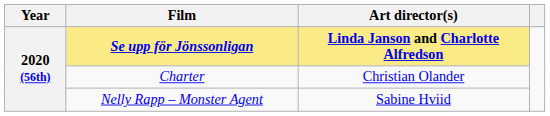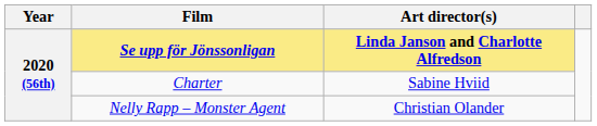 <table class="wikitable" style="text-align:center;">
 <tr>
 <th scope="col" style="width:8%;">Year</th>
 <th scope="col" style="width:30%;">Film</th>
 <th scope="col" style="width:30%;">Art director(s)</th>
 <th scope="col" style="width:2%;" class="unsortable"></th>
 </tr>
 <tr>
 <th scope="row" rowspan="3" style="text-align:center"><strong>2020</strong><br><small><a href='#'>(56th)</a></small></th>
 <td style="background:#FAEB86"><strong><em><a href='#'>Se upp för Jönssonligan</a></em></strong></td>
 <td style="background:#FAEB86"><strong><a href='#'>Linda Janson</a> and <a href='#'>Charlotte Alfredson</a></strong></td>
 <td rowspan="3"></td>
 </tr>
 <tr>
 <td><em><a href='#'>Charter</a></em></td>
-<td><a href='#'>Christian Olander</a></td>
+<td><a href='#'>Sabine Hviid</a></td>
 </tr>
 <tr>
 <td><em><a href='#'>Nelly Rapp – Monster Agent</a></em></td>
-<td><a href='#'>Sabine Hviid</a></td>
+<td><a href='#'>Christian Olander</a></td>
 </tr>
 </table>
